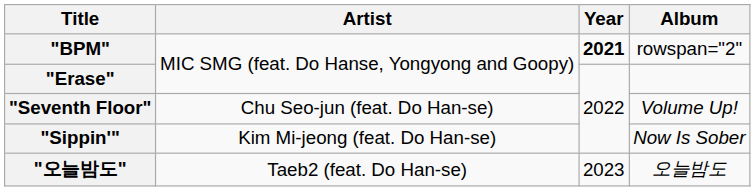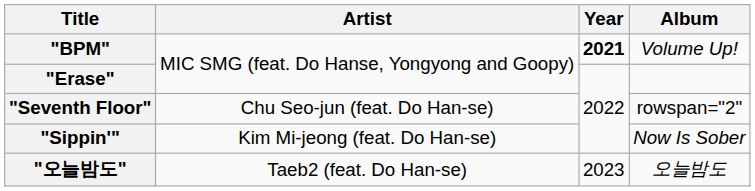 <table class="wikitable plainrowheaders" style="text-align:center;">
 <tr>
 <th scope="col">Title</th>
 <th scope="col">Artist</th>
 <th scope="col">Year</th>
 <th scope="col">Album</th>
 </tr>
 <tr>
 <th scope="row">"BPM"</th>
 <td rowspan="2">MIC SMG (feat. Do Hanse, Yongyong and Goopy)</td>
 <td><strong>2021</strong></td>
-<td>rowspan="2" </td>
+<td><em>Volume Up!</em></td>
 </tr>
 <tr>
 <th scope="row">"Erase"</th>
 <td rowspan="3">2022</td>
 </tr>
 <tr>
 <th scope="row">"Seventh Floor"</th>
 <td>Chu Seo-jun (feat. Do Han-se)</td>
-<td><em>Volume Up!</em></td>
+<td>rowspan="2" </td>
 </tr>
 <tr>
 <th scope="row">"Sippin'"</th>
 <td>Kim Mi-jeong (feat. Do Han-se)</td>
 <td><em>Now Is Sober</em></td>
 </tr>
 <tr>
 <th scope="row">"오늘밤도"</th>
 <td>Taeb2 (feat. Do Han-se)</td>
 <td>2023</td>
 <td><em>오늘밤도</em></td>
 </tr>
 </table>
